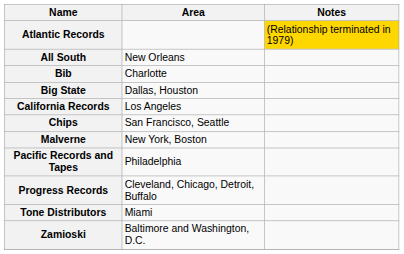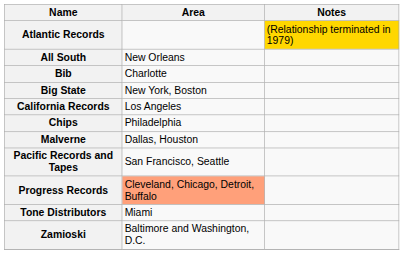 <table class="wikitable plainrowheaders sortable">
 <tr>
 <th scope="col" class="unsortable">Name</th>
 <th scope="col">Area</th>
 <th scope="col" class="unsortable">Notes</th>
 </tr>
 <tr>
 <th scope="row">Atlantic Records</th>
 <td></td>
 <td style="background: gold;">(Relationship terminated in 1979)</td>
 </tr>
 <tr>
 <th scope="row">All South</th>
 <td>New Orleans</td>
 <td></td>
 </tr>
 <tr>
 <th scope="row">Bib</th>
 <td>Charlotte</td>
 <td></td>
 </tr>
 <tr>
 <th scope="row">Big State</th>
-<td>Dallas, Houston</td>
+<td>New York, Boston</td>
 <td></td>
 </tr>
 <tr>
 <th scope="row">California Records</th>
 <td>Los Angeles</td>
 <td></td>
 </tr>
 <tr>
 <th scope="row">Chips</th>
+<td>Philadelphia</td>
+<td></td>
+</tr>
+<tr>
+<th scope="row">Malverne</th>
+<td>Dallas, Houston</td>
+<td></td>
+</tr>
+<tr>
+<th scope="row">Pacific Records and Tapes</th>
 <td>San Francisco, Seattle</td>
 <td></td>
 </tr>
 <tr>
-<th scope="row">Malverne</th>
-<td>New York, Boston</td>
-<td></td>
-</tr>
-<tr>
-<th scope="row">Pacific Records and Tapes</th>
-<td>Philadelphia</td>
-<td></td>
-</tr>
-<tr>
 <th scope="row">Progress Records</th>
-<td>Cleveland, Chicago, Detroit, Buffalo</td>
+<td style="background: lightsalmon;">Cleveland, Chicago, Detroit, Buffalo</td>
 <td></td>
 </tr>
 <tr>
 <th scope="row">Tone Distributors</th>
 <td>Miami</td>
 <td></td>
 </tr>
 <tr>
 <th scope="row">Zamioski</th>
 <td>Baltimore and Washington, D.C.</td>
 <td></td>
 </tr>
 <tr>
 </tr>
 </table>
